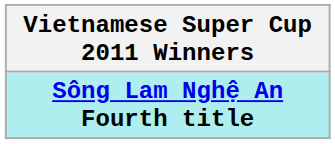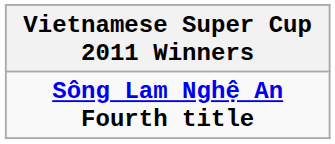 <table class="wikitable" style="text-align: center; margin: 0 auto; width: 20%">
 <tr>
 <th>Vietnamese Super Cup<br>2011 Winners</th>
 </tr>
 <tr>
-<td style="background: paleturquoise;"><strong><a href='#'>Sông Lam Nghệ An</a></strong><br><strong>Fourth title</strong></td>
+<td><strong><a href='#'>Sông Lam Nghệ An</a></strong><br><strong>Fourth title</strong></td>
 </tr>
 </table>
